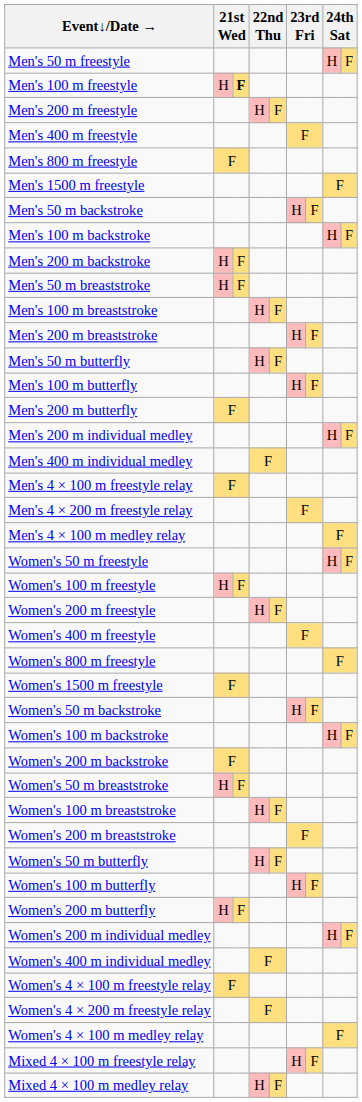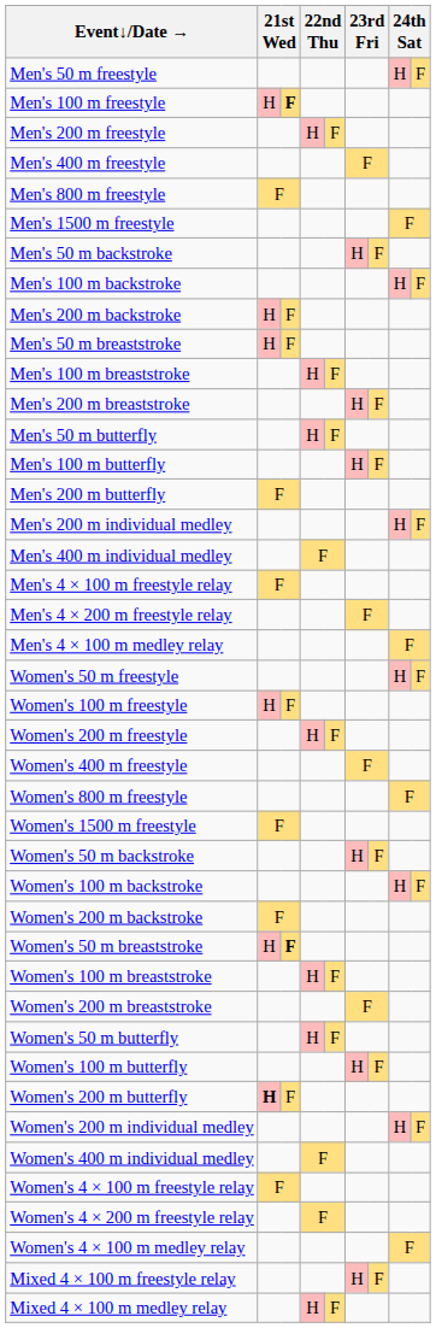 <table class="wikitable" style="margin:0.5em auto; font-size:90%; line-height:1.25em; text-align:center;">
 <tr>
 <th>Event↓/Date →</th>
 <th colspan=2>21st<br>Wed</th>
 <th colspan=2>22nd<br>Thu</th>
 <th colspan=2>23rd<br>Fri</th>
 <th colspan=2>24th<br>Sat</th>
 </tr>
 <tr>
 <td align=left><a href='#'>Men's 50 m freestyle</a></td>
 <td colspan=2></td>
 <td colspan=2></td>
 <td colspan=2></td>
 <td bgcolor="#FFBBBB">H</td>
 <td bgcolor="#FFDF80">F</td>
 </tr>
 <tr>
 <td align=left><a href='#'>Men's 100 m freestyle</a></td>
 <td bgcolor="#FFBBBB">H</td>
 <td bgcolor="#FFDF80"><strong>F</strong></td>
 <td colspan=2></td>
 <td colspan=2></td>
 <td colspan=2></td>
 </tr>
 <tr>
 <td align=left><a href='#'>Men's 200 m freestyle</a></td>
 <td colspan=2></td>
 <td bgcolor="#FFBBBB">H</td>
 <td bgcolor="#FFDF80">F</td>
 <td colspan=2></td>
 <td colspan=2></td>
 </tr>
 <tr>
 <td align=left><a href='#'>Men's 400 m freestyle</a></td>
 <td colspan=2></td>
 <td colspan=2></td>
 <td colspan=2 bgcolor="#FFDF80">F</td>
 <td colspan=2></td>
 </tr>
 <tr>
 <td align=left><a href='#'>Men's 800 m freestyle</a></td>
 <td colspan=2 bgcolor="#FFDF80">F</td>
 <td colspan=2></td>
 <td colspan=2></td>
 <td colspan=2></td>
 </tr>
 <tr>
 <td align=left><a href='#'>Men's 1500 m freestyle</a></td>
 <td colspan=2></td>
 <td colspan=2></td>
 <td colspan=2></td>
 <td colspan=2 bgcolor="#FFDF80">F</td>
 </tr>
 <tr>
 <td align=left><a href='#'>Men's 50 m backstroke</a></td>
 <td colspan=2></td>
 <td colspan=2></td>
 <td bgcolor="#FFBBBB">H</td>
 <td bgcolor="#FFDF80">F</td>
 <td colspan=2></td>
 </tr>
 <tr>
 <td align=left><a href='#'>Men's 100 m backstroke</a></td>
 <td colspan=2></td>
 <td colspan=2></td>
 <td colspan=2></td>
 <td bgcolor="#FFBBBB">H</td>
 <td bgcolor="#FFDF80">F</td>
 </tr>
 <tr>
 <td align=left><a href='#'>Men's 200 m backstroke</a></td>
 <td bgcolor="#FFBBBB">H</td>
 <td bgcolor="#FFDF80">F</td>
 <td colspan=2></td>
 <td colspan=2></td>
 <td colspan=2></td>
 </tr>
 <tr>
 <td align=left><a href='#'>Men's 50 m breaststroke</a></td>
 <td bgcolor="#FFBBBB">H</td>
 <td bgcolor="#FFDF80">F</td>
 <td colspan=2></td>
 <td colspan=2></td>
 <td colspan=2></td>
 </tr>
 <tr>
 <td align=left><a href='#'>Men's 100 m breaststroke</a></td>
 <td colspan=2></td>
 <td bgcolor="#FFBBBB">H</td>
 <td bgcolor="#FFDF80">F</td>
 <td colspan=2></td>
 <td colspan=2></td>
 </tr>
 <tr>
 <td align=left><a href='#'>Men's 200 m breaststroke</a></td>
 <td colspan=2></td>
 <td colspan=2></td>
 <td bgcolor="#FFBBBB">H</td>
 <td bgcolor="#FFDF80">F</td>
 <td colspan=2></td>
 </tr>
 <tr>
 <td align=left><a href='#'>Men's 50 m butterfly</a></td>
 <td colspan=2></td>
 <td bgcolor="#FFBBBB">H</td>
 <td bgcolor="#FFDF80">F</td>
 <td colspan=2></td>
 <td colspan=2></td>
 </tr>
 <tr>
 <td align=left><a href='#'>Men's 100 m butterfly</a></td>
 <td colspan=2></td>
 <td colspan=2></td>
 <td bgcolor="#FFBBBB">H</td>
 <td bgcolor="#FFDF80">F</td>
 <td colspan=2></td>
 </tr>
 <tr>
 <td align=left><a href='#'>Men's 200 m butterfly</a></td>
 <td colspan=2 bgcolor="#FFDF80">F</td>
 <td colspan=2></td>
 <td colspan=2></td>
 <td colspan=2></td>
 </tr>
 <tr>
 <td align=left><a href='#'>Men's 200 m individual medley</a></td>
 <td colspan=2></td>
 <td colspan=2></td>
 <td colspan=2></td>
 <td bgcolor="#FFBBBB">H</td>
 <td bgcolor="#FFDF80">F</td>
 </tr>
 <tr>
 <td align=left><a href='#'>Men's 400 m individual medley</a></td>
 <td colspan=2></td>
 <td colspan=2 bgcolor="#FFDF80">F</td>
 <td colspan=2></td>
 <td colspan=2></td>
 </tr>
 <tr>
 <td align=left><a href='#'>Men's 4 × 100 m freestyle relay</a></td>
 <td colspan=2 bgcolor="#FFDF80">F</td>
 <td colspan=2></td>
 <td colspan=2></td>
 <td colspan=2></td>
 </tr>
 <tr>
 <td align=left><a href='#'>Men's 4 × 200 m freestyle relay</a></td>
 <td colspan=2></td>
 <td colspan=2></td>
 <td colspan=2 bgcolor="#FFDF80">F</td>
 <td colspan=2></td>
 </tr>
 <tr>
 <td align=left><a href='#'>Men's 4 × 100 m medley relay</a></td>
 <td colspan=2></td>
 <td colspan=2></td>
 <td colspan=2></td>
 <td colspan=2 bgcolor="#FFDF80">F</td>
 </tr>
 <tr>
 <td align=left><a href='#'>Women's 50 m freestyle</a></td>
 <td colspan=2></td>
 <td colspan=2></td>
 <td colspan=2></td>
 <td bgcolor="#FFBBBB">H</td>
 <td bgcolor="#FFDF80">F</td>
 </tr>
 <tr>
 <td align=left><a href='#'>Women's 100 m freestyle</a></td>
 <td bgcolor="#FFBBBB">H</td>
 <td bgcolor="#FFDF80">F</td>
 <td colspan=2></td>
 <td colspan=2></td>
 <td colspan=2></td>
 </tr>
 <tr>
 <td align=left><a href='#'>Women's 200 m freestyle</a></td>
 <td colspan=2></td>
 <td bgcolor="#FFBBBB">H</td>
 <td bgcolor="#FFDF80">F</td>
 <td colspan=2></td>
 <td colspan=2></td>
 </tr>
 <tr>
 <td align=left><a href='#'>Women's 400 m freestyle</a></td>
 <td colspan=2></td>
 <td colspan=2></td>
 <td colspan=2 bgcolor="#FFDF80">F</td>
 <td colspan=2></td>
 </tr>
 <tr>
 <td align=left><a href='#'>Women's 800 m freestyle</a></td>
 <td colspan=2></td>
 <td colspan=2></td>
 <td colspan=2></td>
 <td colspan=2 bgcolor="#FFDF80">F</td>
 </tr>
 <tr>
 <td align=left><a href='#'>Women's 1500 m freestyle</a></td>
 <td colspan=2 bgcolor="#FFDF80">F</td>
 <td colspan=2></td>
 <td colspan=2></td>
 <td colspan=2></td>
 </tr>
 <tr>
 <td align=left><a href='#'>Women's 50 m backstroke</a></td>
 <td colspan=2></td>
 <td colspan=2></td>
 <td bgcolor="#FFBBBB">H</td>
 <td bgcolor="#FFDF80">F</td>
 <td colspan=2></td>
 </tr>
 <tr>
 <td align=left><a href='#'>Women's 100 m backstroke</a></td>
 <td colspan=2></td>
 <td colspan=2></td>
 <td colspan=2></td>
 <td bgcolor="#FFBBBB">H</td>
 <td bgcolor="#FFDF80">F</td>
 </tr>
 <tr>
 <td align=left><a href='#'>Women's 200 m backstroke</a></td>
 <td colspan=2 bgcolor="#FFDF80">F</td>
 <td colspan=2></td>
 <td colspan=2></td>
 <td colspan=2></td>
 </tr>
 <tr>
 <td align=left><a href='#'>Women's 50 m breaststroke</a></td>
 <td bgcolor="#FFBBBB">H</td>
-<td bgcolor="#FFDF80">F</td>
+<td bgcolor="#FFDF80"><strong>F</strong></td>
 <td colspan=2></td>
 <td colspan=2></td>
 <td colspan=2></td>
 </tr>
 <tr>
 <td align=left><a href='#'>Women's 100 m breaststroke</a></td>
 <td colspan=2></td>
 <td bgcolor="#FFBBBB">H</td>
 <td bgcolor="#FFDF80">F</td>
 <td colspan=2></td>
 <td colspan=2></td>
 </tr>
 <tr>
 <td align=left><a href='#'>Women's 200 m breaststroke</a></td>
 <td colspan=2></td>
 <td colspan=2></td>
 <td colspan=2 bgcolor="#FFDF80">F</td>
 <td colspan=2></td>
 </tr>
 <tr>
 <td align=left><a href='#'>Women's 50 m butterfly</a></td>
 <td colspan=2></td>
 <td bgcolor="#FFBBBB">H</td>
 <td bgcolor="#FFDF80">F</td>
 <td colspan=2></td>
 <td colspan=2></td>
 </tr>
 <tr>
 <td align=left><a href='#'>Women's 100 m butterfly</a></td>
 <td colspan=2></td>
 <td colspan=2></td>
 <td bgcolor="#FFBBBB">H</td>
 <td bgcolor="#FFDF80">F</td>
 <td colspan=2></td>
 </tr>
 <tr>
 <td align=left><a href='#'>Women's 200 m butterfly</a></td>
-<td bgcolor="#FFBBBB">H</td>
+<td bgcolor="#FFBBBB"><strong>H</strong></td>
 <td bgcolor="#FFDF80">F</td>
 <td colspan=2></td>
 <td colspan=2></td>
 <td colspan=2></td>
 </tr>
 <tr>
 <td align=left><a href='#'>Women's 200 m individual medley</a></td>
 <td colspan=2></td>
 <td colspan=2></td>
 <td colspan=2></td>
 <td bgcolor="#FFBBBB">H</td>
 <td bgcolor="#FFDF80">F</td>
 </tr>
 <tr>
 <td align=left><a href='#'>Women's 400 m individual medley</a></td>
 <td colspan=2></td>
 <td colspan=2 bgcolor="#FFDF80">F</td>
 <td colspan=2></td>
 <td colspan=2></td>
 </tr>
 <tr>
 <td align=left><a href='#'>Women's 4 × 100 m freestyle relay</a></td>
 <td colspan=2 bgcolor="#FFDF80">F</td>
 <td colspan=2></td>
 <td colspan=2></td>
 <td colspan=2></td>
 </tr>
 <tr>
 <td align=left><a href='#'>Women's 4 × 200 m freestyle relay</a></td>
 <td colspan=2></td>
 <td colspan=2 bgcolor="#FFDF80">F</td>
 <td colspan=2></td>
 <td colspan=2></td>
 </tr>
 <tr>
 <td align=left><a href='#'>Women's 4 × 100 m medley relay</a></td>
 <td colspan=2></td>
 <td colspan=2></td>
 <td colspan=2></td>
 <td colspan=2 bgcolor="#FFDF80">F</td>
 </tr>
 <tr>
 <td align=left><a href='#'>Mixed 4 × 100 m freestyle relay</a></td>
 <td colspan=2></td>
 <td colspan=2></td>
 <td bgcolor="#FFBBBB">H</td>
 <td bgcolor="#FFDF80">F</td>
 <td colspan=2></td>
 </tr>
 <tr>
 <td align=left><a href='#'>Mixed 4 × 100 m medley relay</a></td>
 <td colspan=2></td>
 <td bgcolor="#FFBBBB">H</td>
 <td bgcolor="#FFDF80">F</td>
 <td colspan=2></td>
 <td colspan=2></td>
 </tr>
 </table>
